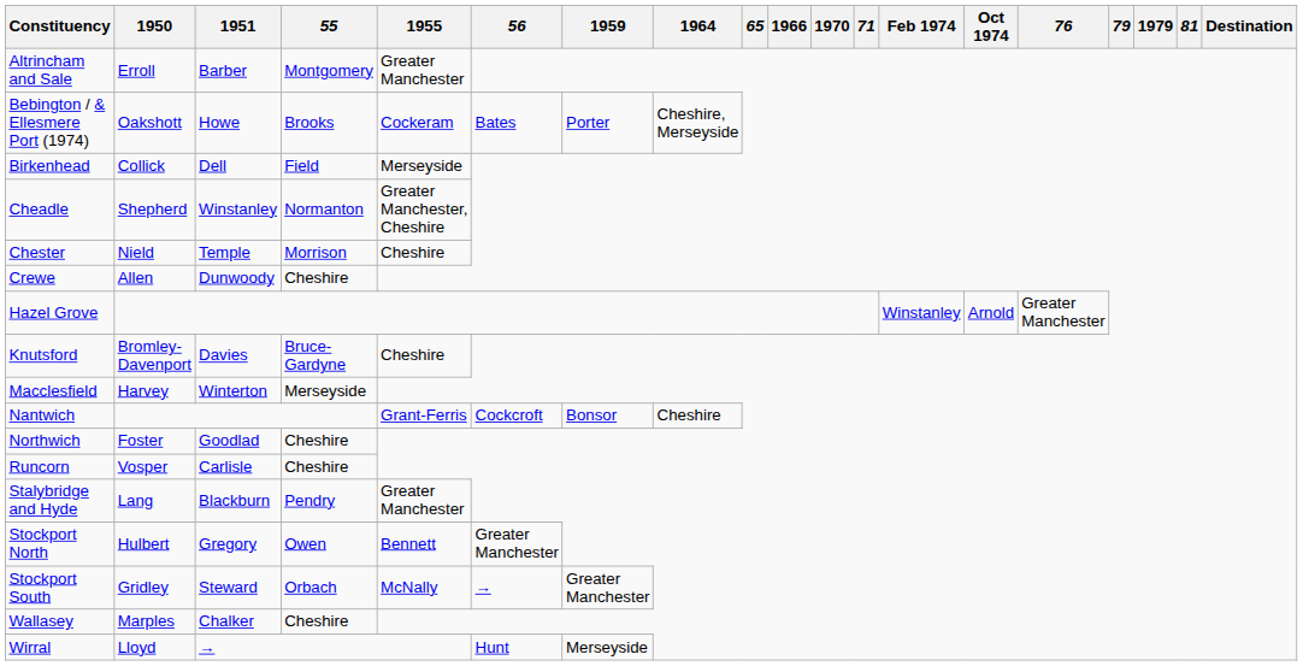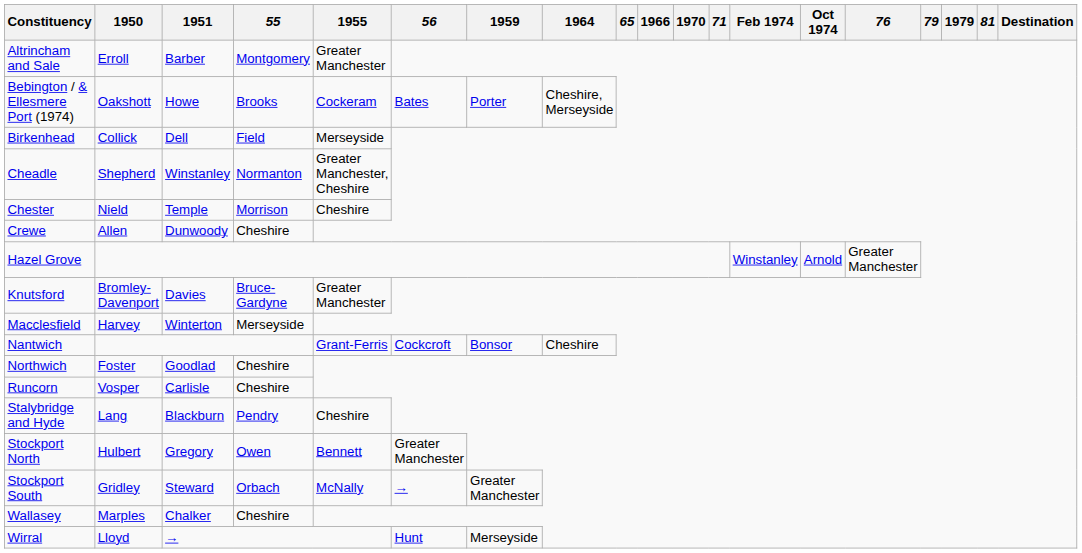 <table class="wikitable">
 <tr>
 <th>Constituency</th>
 <th>1950</th>
 <th>1951</th>
 <th><em>55</em></th>
 <th>1955</th>
 <th><em>56</em></th>
 <th>1959</th>
 <th>1964</th>
 <th><em>65</em></th>
 <th>1966</th>
 <th>1970</th>
 <th><em>71</em></th>
 <th>Feb 1974</th>
 <th>Oct 1974</th>
 <th><em>76</em></th>
 <th><em>79</em></th>
 <th>1979</th>
 <th><em>81</em></th>
 <th>Destination</th>
 </tr>
 <tr>
 <td><a href='#'>Altrincham and Sale</a></td>
 <td><a href='#'>Erroll</a></td>
 <td><a href='#'>Barber</a></td>
 <td><a href='#'>Montgomery</a></td>
 <td>Greater Manchester</td>
 </tr>
 <tr>
 <td><a href='#'>Bebington</a> / <a href='#'>& Ellesmere Port</a> (1974)</td>
 <td><a href='#'>Oakshott</a></td>
 <td><a href='#'>Howe</a></td>
 <td><a href='#'>Brooks</a></td>
 <td><a href='#'>Cockeram</a></td>
 <td><a href='#'>Bates</a></td>
 <td><a href='#'>Porter</a></td>
 <td>Cheshire, Merseyside</td>
 </tr>
 <tr>
 <td><a href='#'>Birkenhead</a></td>
 <td><a href='#'>Collick</a></td>
 <td><a href='#'>Dell</a></td>
 <td><a href='#'>Field</a></td>
 <td>Merseyside</td>
 </tr>
 <tr>
 <td><a href='#'>Cheadle</a></td>
 <td><a href='#'>Shepherd</a></td>
 <td><a href='#'>Winstanley</a></td>
 <td><a href='#'>Normanton</a></td>
 <td>Greater Manchester, Cheshire</td>
 </tr>
 <tr>
 <td><a href='#'>Chester</a></td>
 <td><a href='#'>Nield</a></td>
 <td><a href='#'>Temple</a></td>
 <td><a href='#'>Morrison</a></td>
 <td>Cheshire</td>
 </tr>
 <tr>
 <td><a href='#'>Crewe</a></td>
 <td><a href='#'>Allen</a></td>
 <td><a href='#'>Dunwoody</a></td>
 <td>Cheshire</td>
 </tr>
 <tr>
 <td><a href='#'>Hazel Grove</a></td>
 <td colspan="11"></td>
 <td><a href='#'>Winstanley</a></td>
 <td><a href='#'>Arnold</a></td>
 <td>Greater Manchester</td>
 </tr>
 <tr>
 <td><a href='#'>Knutsford</a></td>
 <td><a href='#'>Bromley-Davenport</a></td>
 <td><a href='#'>Davies</a></td>
 <td><a href='#'>Bruce-Gardyne</a></td>
-<td>Cheshire</td>
+<td>Greater Manchester</td>
 </tr>
 <tr>
 <td><a href='#'>Macclesfield</a></td>
 <td><a href='#'>Harvey</a></td>
 <td><a href='#'>Winterton</a></td>
 <td>Merseyside</td>
 </tr>
 <tr>
 <td><a href='#'>Nantwich</a></td>
 <td colspan="3"></td>
 <td><a href='#'>Grant-Ferris</a></td>
 <td><a href='#'>Cockcroft</a></td>
 <td><a href='#'>Bonsor</a></td>
 <td>Cheshire</td>
 </tr>
 <tr>
 <td><a href='#'>Northwich</a></td>
 <td><a href='#'>Foster</a></td>
 <td><a href='#'>Goodlad</a></td>
 <td>Cheshire</td>
 </tr>
 <tr>
 <td><a href='#'>Runcorn</a></td>
 <td><a href='#'>Vosper</a></td>
 <td><a href='#'>Carlisle</a></td>
 <td>Cheshire</td>
 </tr>
 <tr>
 <td><a href='#'>Stalybridge and Hyde</a></td>
 <td><a href='#'>Lang</a></td>
 <td><a href='#'>Blackburn</a></td>
 <td><a href='#'>Pendry</a></td>
-<td>Greater Manchester</td>
+<td>Cheshire</td>
 </tr>
 <tr>
 <td><a href='#'>Stockport North</a></td>
 <td><a href='#'>Hulbert</a></td>
 <td><a href='#'>Gregory</a></td>
 <td><a href='#'>Owen</a></td>
 <td><a href='#'>Bennett</a></td>
 <td>Greater Manchester</td>
 </tr>
 <tr>
 <td><a href='#'>Stockport South</a></td>
 <td><a href='#'>Gridley</a></td>
 <td><a href='#'>Steward</a></td>
 <td><a href='#'>Orbach</a></td>
 <td><a href='#'>McNally</a></td>
 <td><a href='#'>→</a></td>
 <td>Greater Manchester</td>
 </tr>
 <tr>
 <td><a href='#'>Wallasey</a></td>
 <td><a href='#'>Marples</a></td>
 <td><a href='#'>Chalker</a></td>
 <td>Cheshire</td>
 </tr>
 <tr>
 <td><a href='#'>Wirral</a></td>
 <td><a href='#'>Lloyd</a></td>
 <td colspan="3"><a href='#'>→</a></td>
 <td><a href='#'>Hunt</a></td>
 <td>Merseyside</td>
 </tr>
 </table>
